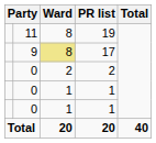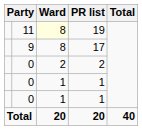 <table class=wikitable style="text-align:right">
 <tr>
 <th colspan=2>Party</th>
 <th>Ward</th>
 <th>PR list</th>
 <th>Total</th>
 </tr>
 <tr>
 <td></td>
 <td>11</td>
-<td>8</td>
+<td style="background: lightyellow;">8</td>
 <td>19</td>
 </tr>
 <tr>
 <td></td>
 <td>9</td>
-<td style="background: khaki;">8</td>
+<td>8</td>
 <td>17</td>
 </tr>
 <tr>
 <td></td>
 <td>0</td>
 <td>2</td>
 <td>2</td>
 </tr>
 <tr>
 <td></td>
 <td>0</td>
 <td>1</td>
 <td>1</td>
 </tr>
 <tr>
 <td></td>
 <td>0</td>
 <td>1</td>
 <td>1</td>
 </tr>
 <tr>
 <td colspan="2" style="text-align:left"><strong>Total</strong></td>
 <td><strong>20</strong></td>
 <td><strong>20</strong></td>
 <td><strong>40</strong></td>
 </tr>
 </table>
